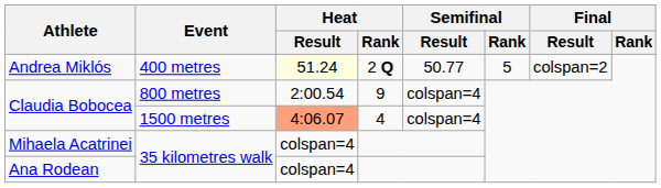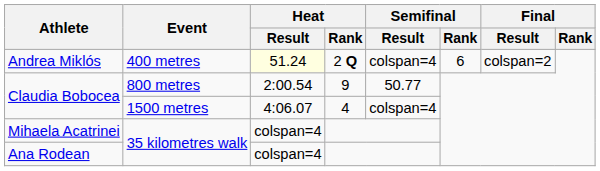 <table class="wikitable" style="font-size:90%">
 <tr>
 <th rowspan="2">Athlete</th>
 <th rowspan="2">Event</th>
 <th colspan="2">Heat</th>
 <th colspan="2">Semifinal</th>
 <th colspan="2">Final</th>
 </tr>
 <tr style="font-size:95%">
 <th>Result</th>
 <th>Rank</th>
 <th>Result</th>
 <th>Rank</th>
 <th>Result</th>
 <th>Rank</th>
 </tr>
 <tr align=center>
 <td align=left><a href='#'>Andrea Miklós</a></td>
 <td align=left><a href='#'>400 metres</a></td>
 <td style="background: lightyellow;">51.24</td>
 <td>2 <strong>Q</strong></td>
-<td>50.77</td>
-<td>5</td>
+<td>colspan=4 </td>
+<td>6</td>
 <td>colspan=2 </td>
 </tr>
 <tr align=center>
 <td align=left rowspan=2><a href='#'>Claudia Bobocea</a></td>
 <td align=left><a href='#'>800 metres</a></td>
 <td>2:00.54 </td>
 <td>9</td>
-<td>colspan=4 </td>
+<td>50.77</td>
 </tr>
 <tr align=center>
 <td align=left><a href='#'>1500 metres</a></td>
-<td style="background: lightsalmon;">4:06.07</td>
+<td>4:06.07</td>
 <td>4</td>
 <td>colspan=4 </td>
 </tr>
 <tr align=center>
 <td align=left><a href='#'>Mihaela Acatrinei</a></td>
 <td align=left rowspan=2><a href='#'>35 kilometres walk</a></td>
 <td>colspan=4</td>
 <td colspan=2></td>
 </tr>
 <tr align=center>
 <td align=left><a href='#'>Ana Rodean</a></td>
 <td>colspan=4</td>
 <td colspan=2></td>
 </tr>
 </table>
